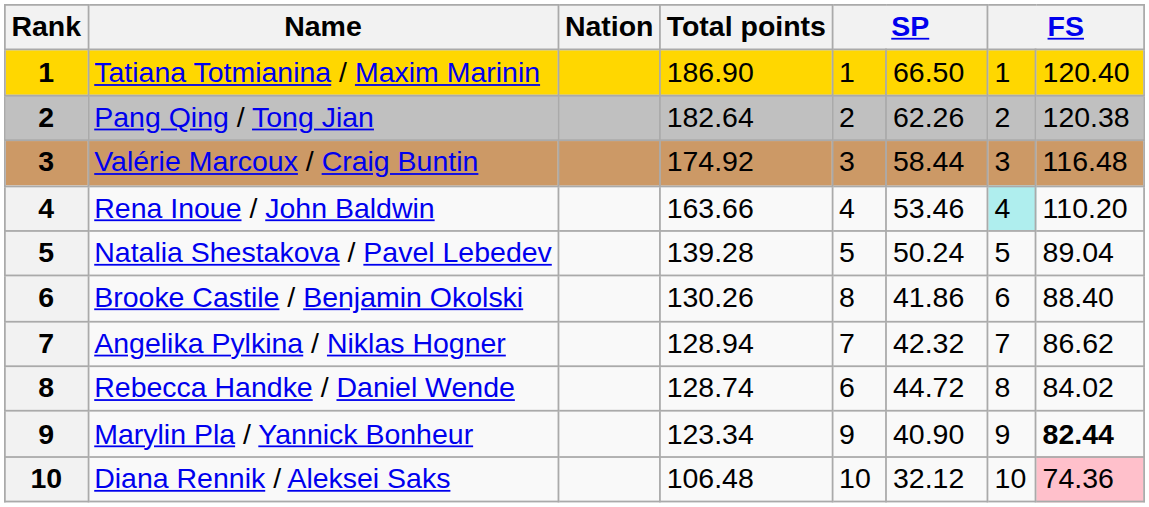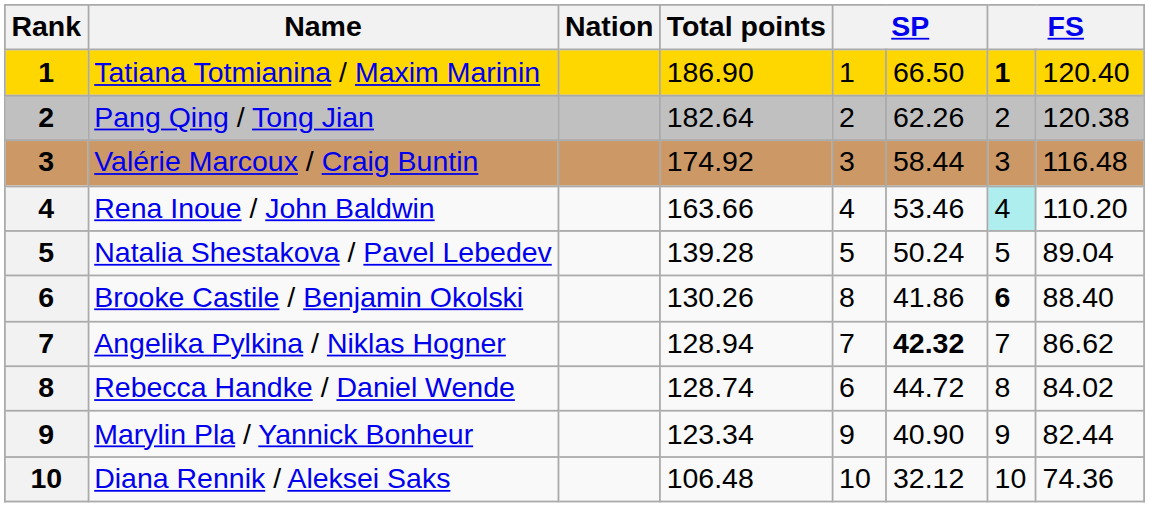 <table class="wikitable">
 <tr>
 <th>Rank</th>
 <th>Name</th>
 <th>Nation</th>
 <th>Total points</th>
 <th colspan="2" width="80px"><a href='#'>SP</a></th>
 <th colspan="2" width="80px"><a href='#'>FS</a></th>
 </tr>
 <tr bgcolor="gold">
 <td align="center"><strong>1</strong></td>
 <td><a href='#'>Tatiana Totmianina</a> / <a href='#'>Maxim Marinin</a></td>
 <td></td>
 <td>186.90</td>
 <td>1</td>
 <td>66.50</td>
-<td>1</td>
+<td><strong>1</strong></td>
 <td>120.40</td>
 </tr>
 <tr bgcolor="silver">
 <td align="center"><strong>2</strong></td>
 <td><a href='#'>Pang Qing</a> / <a href='#'>Tong Jian</a></td>
 <td></td>
 <td>182.64</td>
 <td>2</td>
 <td>62.26</td>
 <td>2</td>
 <td>120.38</td>
 </tr>
 <tr bgcolor="cc9966">
 <td align="center"><strong>3</strong></td>
 <td><a href='#'>Valérie Marcoux</a> / <a href='#'>Craig Buntin</a></td>
 <td></td>
 <td>174.92</td>
 <td>3</td>
 <td>58.44</td>
 <td>3</td>
 <td>116.48</td>
 </tr>
 <tr>
 <th>4</th>
 <td><a href='#'>Rena Inoue</a> / <a href='#'>John Baldwin</a></td>
 <td></td>
 <td>163.66</td>
 <td>4</td>
 <td>53.46</td>
 <td style="background: paleturquoise;">4</td>
 <td>110.20</td>
 </tr>
 <tr>
 <th>5</th>
 <td><a href='#'>Natalia Shestakova</a> / <a href='#'>Pavel Lebedev</a></td>
 <td></td>
 <td>139.28</td>
 <td>5</td>
 <td>50.24</td>
 <td>5</td>
 <td>89.04</td>
 </tr>
 <tr>
 <th>6</th>
 <td><a href='#'>Brooke Castile</a> / <a href='#'>Benjamin Okolski</a></td>
 <td></td>
 <td>130.26</td>
 <td>8</td>
 <td>41.86</td>
-<td>6</td>
+<td><strong>6</strong></td>
 <td>88.40</td>
 </tr>
 <tr>
 <th>7</th>
 <td><a href='#'>Angelika Pylkina</a> / <a href='#'>Niklas Hogner</a></td>
 <td></td>
 <td>128.94</td>
 <td>7</td>
-<td>42.32</td>
+<td><strong>42.32</strong></td>
 <td>7</td>
 <td>86.62</td>
 </tr>
 <tr>
 <th>8</th>
 <td><a href='#'>Rebecca Handke</a> / <a href='#'>Daniel Wende</a></td>
 <td></td>
 <td>128.74</td>
 <td>6</td>
 <td>44.72</td>
 <td>8</td>
 <td>84.02</td>
 </tr>
 <tr>
 <th>9</th>
 <td><a href='#'>Marylin Pla</a> / <a href='#'>Yannick Bonheur</a></td>
 <td></td>
 <td>123.34</td>
 <td>9</td>
 <td>40.90</td>
 <td>9</td>
-<td><strong>82.44</strong></td>
+<td>82.44</td>
 </tr>
 <tr>
 <th>10</th>
 <td><a href='#'>Diana Rennik</a> / <a href='#'>Aleksei Saks</a></td>
 <td></td>
 <td>106.48</td>
 <td>10</td>
 <td>32.12</td>
 <td>10</td>
-<td style="background: pink;">74.36</td>
+<td>74.36</td>
 </tr>
 </table>
